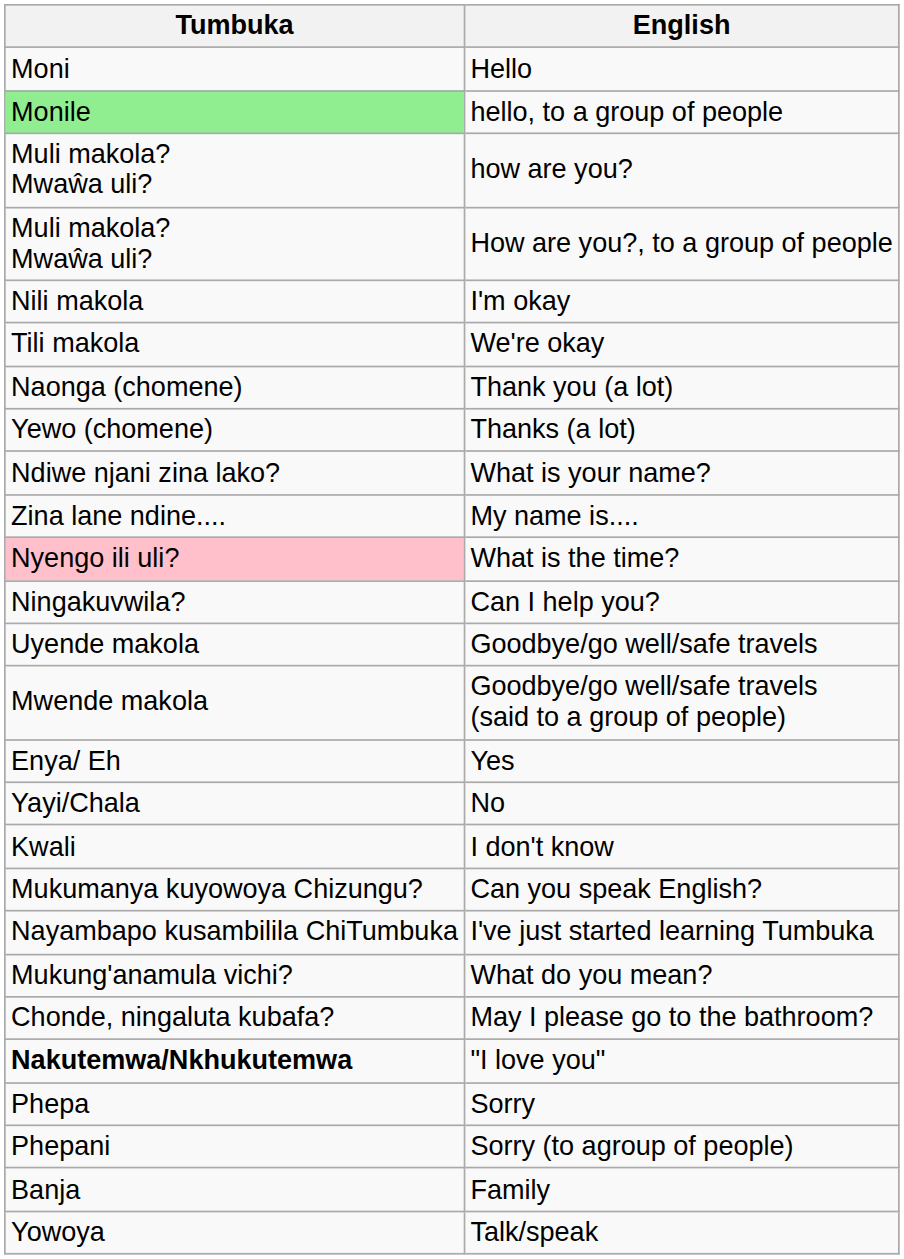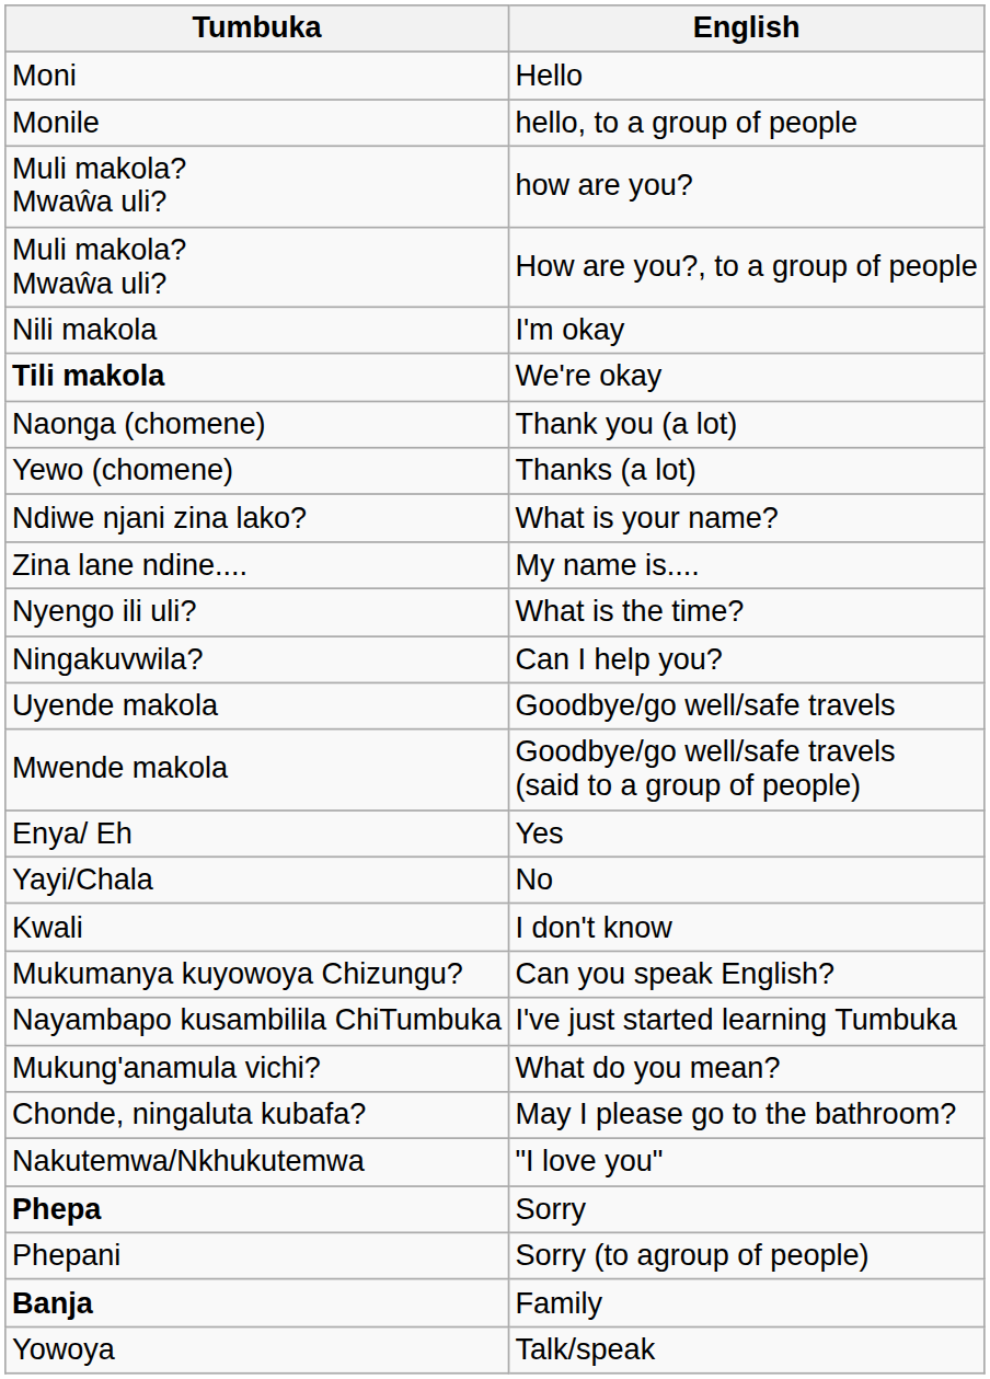 <table class="wikitable">
 <tr>
 <th>Tumbuka</th>
 <th>English</th>
 </tr>
 <tr>
 <td>Moni</td>
 <td>Hello</td>
 </tr>
 <tr>
-<td style="background: lightgreen;">Monile</td>
+<td>Monile</td>
 <td>hello, to a group of people</td>
 </tr>
 <tr>
 <td>Muli makola?<br>Mwaŵa uli?</td>
 <td>how are you?</td>
 </tr>
 <tr>
 <td>Muli makola?<br>Mwaŵa uli?</td>
 <td>How are you?, to a group of people</td>
 </tr>
 <tr>
 <td>Nili makola</td>
 <td>I'm okay</td>
 </tr>
 <tr>
-<td>Tili makola</td>
+<td><strong>Tili makola</strong></td>
 <td>We're okay</td>
 </tr>
 <tr>
 <td>Naonga (chomene)</td>
 <td>Thank you (a lot)</td>
 </tr>
 <tr>
 <td>Yewo (chomene)</td>
 <td>Thanks (a lot)</td>
 </tr>
 <tr>
 <td>Ndiwe njani zina lako?</td>
 <td>What is your name?</td>
 </tr>
 <tr>
 <td>Zina lane ndine....</td>
 <td>My name is....</td>
 </tr>
 <tr>
-<td style="background: pink;">Nyengo ili uli?</td>
+<td>Nyengo ili uli?</td>
 <td>What is the time?</td>
 </tr>
 <tr>
 <td>Ningakuvwila?</td>
 <td>Can I help you?</td>
 </tr>
 <tr>
 <td>Uyende makola</td>
 <td>Goodbye/go well/safe travels</td>
 </tr>
 <tr>
 <td>Mwende makola</td>
 <td>Goodbye/go well/safe travels<br>(said to a group of people)</td>
 </tr>
 <tr>
 <td>Enya/ Eh</td>
 <td>Yes</td>
 </tr>
 <tr>
 <td>Yayi/Chala</td>
 <td>No</td>
 </tr>
 <tr>
 <td>Kwali</td>
 <td>I don't know</td>
 </tr>
 <tr>
 <td>Mukumanya kuyowoya Chizungu?</td>
 <td>Can you speak English?</td>
 </tr>
 <tr>
 <td>Nayambapo kusambilila ChiTumbuka</td>
 <td>I've just started learning Tumbuka</td>
 </tr>
 <tr>
 <td>Mukung'anamula vichi?</td>
 <td>What do you mean?</td>
 </tr>
 <tr>
 <td>Chonde, ningaluta kubafa?</td>
 <td>May I please go to the bathroom?</td>
 </tr>
 <tr>
-<td><strong>Nakutemwa/Nkhukutemwa</strong></td>
+<td>Nakutemwa/Nkhukutemwa</td>
 <td>"I love you"</td>
 </tr>
 <tr>
-<td>Phepa</td>
+<td><strong>Phepa</strong></td>
 <td>Sorry</td>
 </tr>
 <tr>
 <td>Phepani</td>
 <td>Sorry (to agroup of people)</td>
 </tr>
 <tr>
-<td>Banja</td>
+<td><strong>Banja</strong></td>
 <td>Family</td>
 </tr>
 <tr>
 <td>Yowoya</td>
 <td>Talk/speak</td>
 </tr>
 </table>
